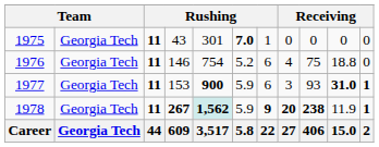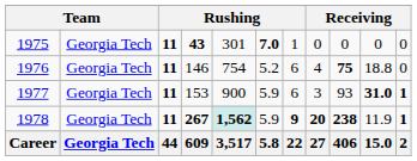 <table class="wikitable" style="text-align:center;">
 <tr>
 </tr>
 <tr>
 <th colspan=2>Team</th>
 <th colspan=5>Rushing</th>
 <th colspan=5>Receiving</th>
 </tr>
 <tr>
 <td><a href='#'>1975</a></td>
 <td><a href='#'>Georgia Tech</a></td>
 <td><strong>11</strong></td>
-<td>43</td>
+<td><strong>43</strong></td>
 <td>301</td>
 <td><strong>7.0</strong></td>
 <td>1</td>
 <td>0</td>
 <td>0</td>
 <td>0</td>
 <td>0</td>
 </tr>
 <tr>
 <td><a href='#'>1976</a></td>
 <td><a href='#'>Georgia Tech</a></td>
 <td><strong>11</strong></td>
 <td>146</td>
 <td>754</td>
 <td>5.2</td>
 <td>6</td>
 <td>4</td>
-<td>75</td>
+<td><strong>75</strong></td>
 <td>18.8</td>
 <td>0</td>
 </tr>
 <tr>
 <td><a href='#'>1977</a></td>
 <td><a href='#'>Georgia Tech</a></td>
 <td><strong>11</strong></td>
 <td>153</td>
-<td><strong>900</strong></td>
+<td>900</td>
 <td>5.9</td>
 <td>6</td>
 <td>3</td>
 <td>93</td>
 <td><strong>31.0</strong></td>
 <td><strong>1</strong></td>
 </tr>
 <tr>
 <td><a href='#'>1978</a></td>
 <td><a href='#'>Georgia Tech</a></td>
 <td><strong>11</strong></td>
 <td><strong>267</strong></td>
 <td style="background:#cfecec;"><strong>1,562</strong></td>
 <td>5.9</td>
 <td><strong>9</strong></td>
 <td><strong>20</strong></td>
 <td><strong>238</strong></td>
 <td>11.9</td>
 <td><strong>1</strong></td>
 </tr>
 <tr>
 <th>Career</th>
 <th><a href='#'>Georgia Tech</a></th>
 <th>44</th>
 <th>609</th>
 <th>3,517</th>
 <th>5.8</th>
 <th>22</th>
 <th>27</th>
 <th>406</th>
 <th>15.0</th>
 <th>2</th>
 </tr>
 </table>
